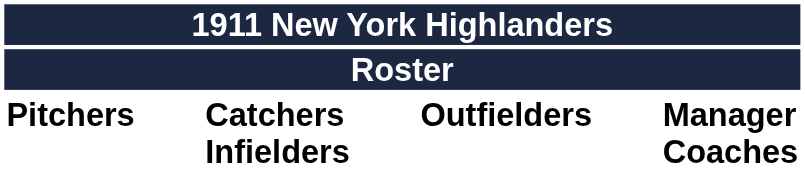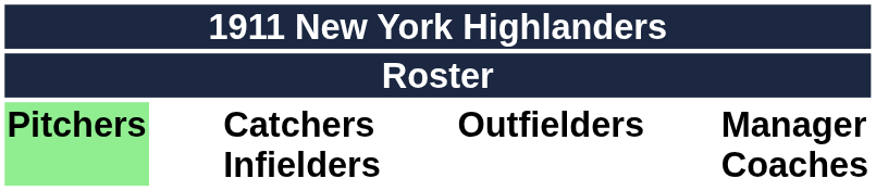 <table class="toccolours" style="font-size: 95%;">
 <tr>
 <th colspan="10" style="background-color: #1c2841; color: white; text-align: center;">1911 New York Highlanders</th>
 </tr>
 <tr>
 <td colspan="10" style="background-color: #1c2841; color: white; text-align: center;"><strong>Roster</strong></td>
 </tr>
 <tr>
-<td valign="top"><strong>Pitchers</strong><br>          </td>
+<td valign="top" style="background: lightgreen;"><strong>Pitchers</strong><br>          </td>
 <td width="25px"></td>
 <td valign="top"><strong>Catchers</strong><br>    <strong>Infielders</strong>          </td>
 <td width="25px"></td>
 <td valign="top"><strong>Outfielders</strong><br>         </td>
 <td width="25px"></td>
 <td valign="top"><strong>Manager</strong><br> <strong>Coaches</strong> </td>
 </tr>
 </table>
